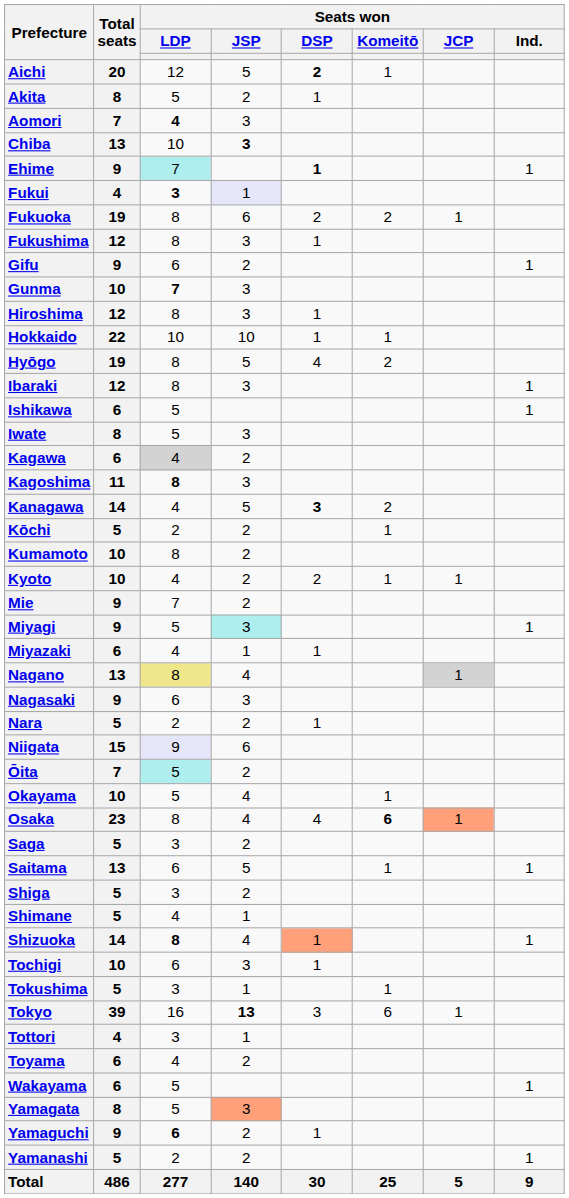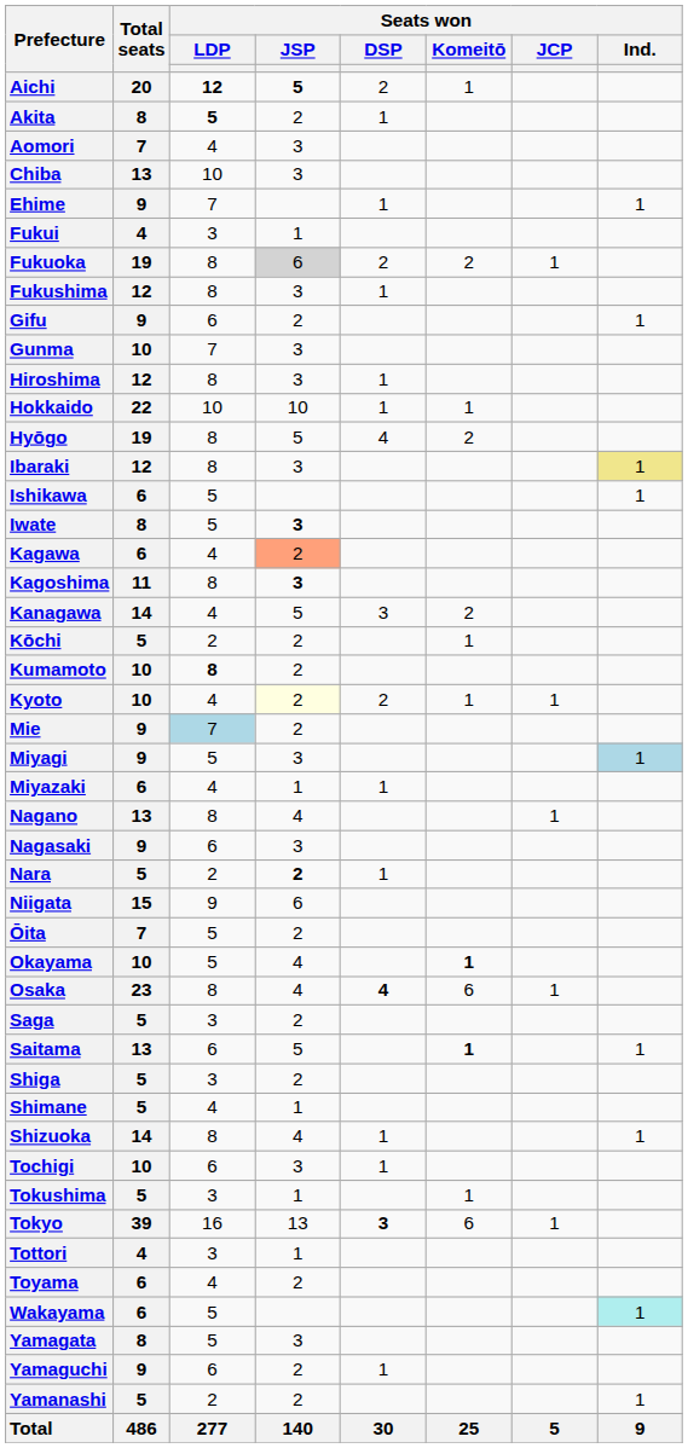 <table class="wikitable" style="text-align:center; font-size: 0.9em;">
 <tr>
 <th rowspan="3">Prefecture</th>
 <th rowspan="3">Total<br>seats</th>
 <th colspan="6">Seats won</th>
 </tr>
 <tr>
 <th class="unsortable" style="width:60px;"><a href='#'>LDP</a></th>
 <th class="unsortable" style="width:60px;"><a href='#'>JSP</a></th>
 <th class="unsortable" style="width:60px;"><a href='#'>DSP</a></th>
 <th class="unsortable" style="width:60px;"><a href='#'>Komeitō</a></th>
 <th class="unsortable" style="width:60px;"><a href='#'>JCP</a></th>
 <th class="unsortable" style="width:60px;">Ind.</th>
 </tr>
 <tr>
 <th style="background:"></th>
 <th style="background:"></th>
 <th style="background:"></th>
 <th style="background:"></th>
 <th style="background:"></th>
 <th style="background:"></th>
 </tr>
 <tr>
 <th style="text-align: left;"><a href='#'>Aichi</a></th>
 <th>20</th>
-<td>12</td>
-<td>5</td>
-<td><strong>2</strong></td>
+<td><strong>12</strong></td>
+<td><strong>5</strong></td>
+<td>2</td>
 <td>1</td>
 <td></td>
 <td></td>
 </tr>
 <tr>
 <th style="text-align: left;"><a href='#'>Akita</a></th>
 <th>8</th>
-<td>5</td>
+<td><strong>5</strong></td>
 <td>2</td>
 <td>1</td>
 <td></td>
 <td></td>
 <td></td>
 </tr>
 <tr>
 <th style="text-align: left;"><a href='#'>Aomori</a></th>
 <th>7</th>
-<td><strong>4</strong></td>
+<td>4</td>
 <td>3</td>
 <td></td>
 <td></td>
 <td></td>
 <td></td>
 </tr>
 <tr>
 <th style="text-align: left;"><a href='#'>Chiba</a></th>
 <th>13</th>
 <td>10</td>
-<td><strong>3</strong></td>
+<td>3</td>
 <td></td>
 <td></td>
 <td></td>
 <td></td>
 </tr>
 <tr>
 <th style="text-align: left;"><a href='#'>Ehime</a></th>
 <th>9</th>
-<td style="background: paleturquoise;">7</td>
+<td>7</td>
 <td></td>
-<td><strong>1</strong></td>
+<td>1</td>
 <td></td>
 <td></td>
 <td>1</td>
 </tr>
 <tr>
 <th style="text-align: left;"><a href='#'>Fukui</a></th>
 <th>4</th>
-<td><strong>3</strong></td>
-<td style="background: lavender;">1</td>
+<td>3</td>
+<td>1</td>
 <td></td>
 <td></td>
 <td></td>
 <td></td>
 </tr>
 <tr>
 <th style="text-align: left;"><a href='#'>Fukuoka</a></th>
 <th>19</th>
 <td>8</td>
-<td>6</td>
+<td style="background: lightgrey;">6</td>
 <td>2</td>
 <td>2</td>
 <td>1</td>
 <td></td>
 </tr>
 <tr>
 <th style="text-align: left;"><a href='#'>Fukushima</a></th>
 <th>12</th>
 <td>8</td>
 <td>3</td>
 <td>1</td>
 <td></td>
 <td></td>
 <td></td>
 </tr>
 <tr>
 <th style="text-align: left;"><a href='#'>Gifu</a></th>
 <th>9</th>
 <td>6</td>
 <td>2</td>
 <td></td>
 <td></td>
 <td></td>
 <td>1</td>
 </tr>
 <tr>
 <th style="text-align: left;"><a href='#'>Gunma</a></th>
 <th>10</th>
-<td><strong>7</strong></td>
+<td>7</td>
 <td>3</td>
 <td></td>
 <td></td>
 <td></td>
 <td></td>
 </tr>
 <tr>
 <th style="text-align: left;"><a href='#'>Hiroshima</a></th>
 <th>12</th>
 <td>8</td>
 <td>3</td>
 <td>1</td>
 <td></td>
 <td></td>
 <td></td>
 </tr>
 <tr>
 <th style="text-align: left;"><a href='#'>Hokkaido</a></th>
 <th>22</th>
 <td>10</td>
 <td>10</td>
 <td>1</td>
 <td>1</td>
 <td></td>
 <td></td>
 </tr>
 <tr>
 <th style="text-align: left;"><a href='#'>Hyōgo</a></th>
 <th>19</th>
 <td>8</td>
 <td>5</td>
 <td>4</td>
 <td>2</td>
 <td></td>
 <td></td>
 </tr>
 <tr>
 <th style="text-align: left;"><a href='#'>Ibaraki</a></th>
 <th>12</th>
 <td>8</td>
 <td>3</td>
 <td></td>
 <td></td>
 <td></td>
-<td>1</td>
+<td style="background: khaki;">1</td>
 </tr>
 <tr>
 <th style="text-align: left;"><a href='#'>Ishikawa</a></th>
 <th>6</th>
 <td>5</td>
 <td></td>
 <td></td>
 <td></td>
 <td></td>
 <td>1</td>
 </tr>
 <tr>
 <th style="text-align: left;"><a href='#'>Iwate</a></th>
 <th>8</th>
 <td>5</td>
-<td>3</td>
+<td><strong>3</strong></td>
 <td></td>
 <td></td>
 <td></td>
 <td></td>
 </tr>
 <tr>
 <th style="text-align: left;"><a href='#'>Kagawa</a></th>
 <th>6</th>
-<td style="background: lightgrey;">4</td>
-<td>2</td>
+<td>4</td>
+<td style="background: lightsalmon;">2</td>
 <td></td>
 <td></td>
 <td></td>
 <td></td>
 </tr>
 <tr>
 <th style="text-align: left;"><a href='#'>Kagoshima</a></th>
 <th>11</th>
-<td><strong>8</strong></td>
-<td>3</td>
+<td>8</td>
+<td><strong>3</strong></td>
 <td></td>
 <td></td>
 <td></td>
 <td></td>
 </tr>
 <tr>
 <th style="text-align: left;"><a href='#'>Kanagawa</a></th>
 <th>14</th>
 <td>4</td>
 <td>5</td>
-<td><strong>3</strong></td>
+<td>3</td>
 <td>2</td>
 <td></td>
 <td></td>
 </tr>
 <tr>
 <th style="text-align: left;"><a href='#'>Kōchi</a></th>
 <th>5</th>
 <td>2</td>
 <td>2</td>
 <td></td>
 <td>1</td>
 <td></td>
 <td></td>
 </tr>
 <tr>
 <th style="text-align: left;"><a href='#'>Kumamoto</a></th>
 <th>10</th>
-<td>8</td>
+<td><strong>8</strong></td>
 <td>2</td>
 <td></td>
 <td></td>
 <td></td>
 <td></td>
 </tr>
 <tr>
 <th style="text-align: left;"><a href='#'>Kyoto</a></th>
 <th>10</th>
 <td>4</td>
-<td>2</td>
+<td style="background: lightyellow;">2</td>
 <td>2</td>
 <td>1</td>
 <td>1</td>
 <td></td>
 </tr>
 <tr>
 <th style="text-align: left;"><a href='#'>Mie</a></th>
 <th>9</th>
-<td>7</td>
+<td style="background: lightblue;">7</td>
 <td>2</td>
 <td></td>
 <td></td>
 <td></td>
 <td></td>
 </tr>
 <tr>
 <th style="text-align: left;"><a href='#'>Miyagi</a></th>
 <th>9</th>
 <td>5</td>
-<td style="background: paleturquoise;">3</td>
+<td>3</td>
 <td></td>
 <td></td>
 <td></td>
-<td>1</td>
+<td style="background: lightblue;">1</td>
 </tr>
 <tr>
 <th style="text-align: left;"><a href='#'>Miyazaki</a></th>
 <th>6</th>
 <td>4</td>
 <td>1</td>
 <td>1</td>
 <td></td>
 <td></td>
 <td></td>
 </tr>
 <tr>
 <th style="text-align: left;"><a href='#'>Nagano</a></th>
 <th>13</th>
-<td style="background: khaki;">8</td>
+<td>8</td>
 <td>4</td>
 <td></td>
 <td></td>
-<td style="background: lightgrey;">1</td>
+<td>1</td>
 <td></td>
 </tr>
 <tr>
 <th style="text-align: left;"><a href='#'>Nagasaki</a></th>
 <th>9</th>
 <td>6</td>
 <td>3</td>
 <td></td>
 <td></td>
 <td></td>
 <td></td>
 </tr>
 <tr>
 <th style="text-align: left;"><a href='#'>Nara</a></th>
 <th>5</th>
 <td>2</td>
-<td>2</td>
+<td><strong>2</strong></td>
 <td>1</td>
 <td></td>
 <td></td>
 <td></td>
 </tr>
 <tr>
 <th style="text-align: left;"><a href='#'>Niigata</a></th>
 <th>15</th>
-<td style="background: lavender;">9</td>
+<td>9</td>
 <td>6</td>
 <td></td>
 <td></td>
 <td></td>
 <td></td>
 </tr>
 <tr>
 <th style="text-align: left;"><a href='#'>Ōita</a></th>
 <th>7</th>
-<td style="background: paleturquoise;">5</td>
+<td>5</td>
 <td>2</td>
 <td></td>
 <td></td>
 <td></td>
 <td></td>
 </tr>
 <tr>
 <th style="text-align: left;"><a href='#'>Okayama</a></th>
 <th>10</th>
 <td>5</td>
 <td>4</td>
 <td></td>
-<td>1</td>
+<td><strong>1</strong></td>
 <td></td>
 <td></td>
 </tr>
 <tr>
 <th style="text-align: left;"><a href='#'>Osaka</a></th>
 <th>23</th>
 <td>8</td>
 <td>4</td>
-<td>4</td>
-<td><strong>6</strong></td>
-<td style="background: lightsalmon;">1</td>
+<td><strong>4</strong></td>
+<td>6</td>
+<td>1</td>
 <td></td>
 </tr>
 <tr>
 <th style="text-align: left;"><a href='#'>Saga</a></th>
 <th>5</th>
 <td>3</td>
 <td>2</td>
 <td></td>
 <td></td>
 <td></td>
 <td></td>
 </tr>
 <tr>
 <th style="text-align: left;"><a href='#'>Saitama</a></th>
 <th>13</th>
 <td>6</td>
 <td>5</td>
 <td></td>
-<td>1</td>
+<td><strong>1</strong></td>
 <td></td>
 <td>1</td>
 </tr>
 <tr>
 <th style="text-align: left;"><a href='#'>Shiga</a></th>
 <th>5</th>
 <td>3</td>
 <td>2</td>
 <td></td>
 <td></td>
 <td></td>
 <td></td>
 </tr>
 <tr>
 <th style="text-align: left;"><a href='#'>Shimane</a></th>
 <th>5</th>
 <td>4</td>
 <td>1</td>
 <td></td>
 <td></td>
 <td></td>
 <td></td>
 </tr>
 <tr>
 <th style="text-align: left;"><a href='#'>Shizuoka</a></th>
 <th>14</th>
-<td><strong>8</strong></td>
+<td>8</td>
 <td>4</td>
-<td style="background: lightsalmon;">1</td>
+<td>1</td>
 <td></td>
 <td></td>
 <td>1</td>
 </tr>
 <tr>
 <th style="text-align: left;"><a href='#'>Tochigi</a></th>
 <th>10</th>
 <td>6</td>
 <td>3</td>
 <td>1</td>
 <td></td>
 <td></td>
 <td></td>
 </tr>
 <tr>
 <th style="text-align: left;"><a href='#'>Tokushima</a></th>
 <th>5</th>
 <td>3</td>
 <td>1</td>
 <td></td>
 <td>1</td>
 <td></td>
 <td></td>
 </tr>
 <tr>
 <th style="text-align: left;"><a href='#'>Tokyo</a></th>
 <th>39</th>
 <td>16</td>
-<td><strong>13</strong></td>
-<td>3</td>
+<td>13</td>
+<td><strong>3</strong></td>
 <td>6</td>
 <td>1</td>
 <td></td>
 </tr>
 <tr>
 <th style="text-align: left;"><a href='#'>Tottori</a></th>
 <th>4</th>
 <td>3</td>
 <td>1</td>
 <td></td>
 <td></td>
 <td></td>
 <td></td>
 </tr>
 <tr>
 <th style="text-align: left;"><a href='#'>Toyama</a></th>
 <th>6</th>
 <td>4</td>
 <td>2</td>
 <td></td>
 <td></td>
 <td></td>
 <td></td>
 </tr>
 <tr>
 <th style="text-align: left;"><a href='#'>Wakayama</a></th>
 <th>6</th>
 <td>5</td>
 <td></td>
 <td></td>
 <td></td>
 <td></td>
-<td>1</td>
+<td style="background: paleturquoise;">1</td>
 </tr>
 <tr>
 <th style="text-align: left;"><a href='#'>Yamagata</a></th>
 <th>8</th>
 <td>5</td>
-<td style="background: lightsalmon;">3</td>
+<td>3</td>
 <td></td>
 <td></td>
 <td></td>
 <td></td>
 </tr>
 <tr>
 <th style="text-align: left;"><a href='#'>Yamaguchi</a></th>
 <th>9</th>
-<td><strong>6</strong></td>
+<td>6</td>
 <td>2</td>
 <td>1</td>
 <td></td>
 <td></td>
 <td></td>
 </tr>
 <tr>
 <th style="text-align: left;"><a href='#'>Yamanashi</a></th>
 <th>5</th>
 <td>2</td>
 <td>2</td>
 <td></td>
 <td></td>
 <td></td>
 <td>1</td>
 </tr>
 <tr class="sortbottom">
 <th style="text-align: left;">Total</th>
 <th>486</th>
 <th>277</th>
 <th>140</th>
 <th>30</th>
 <th>25</th>
 <th>5</th>
 <th>9</th>
 </tr>
 </table>
